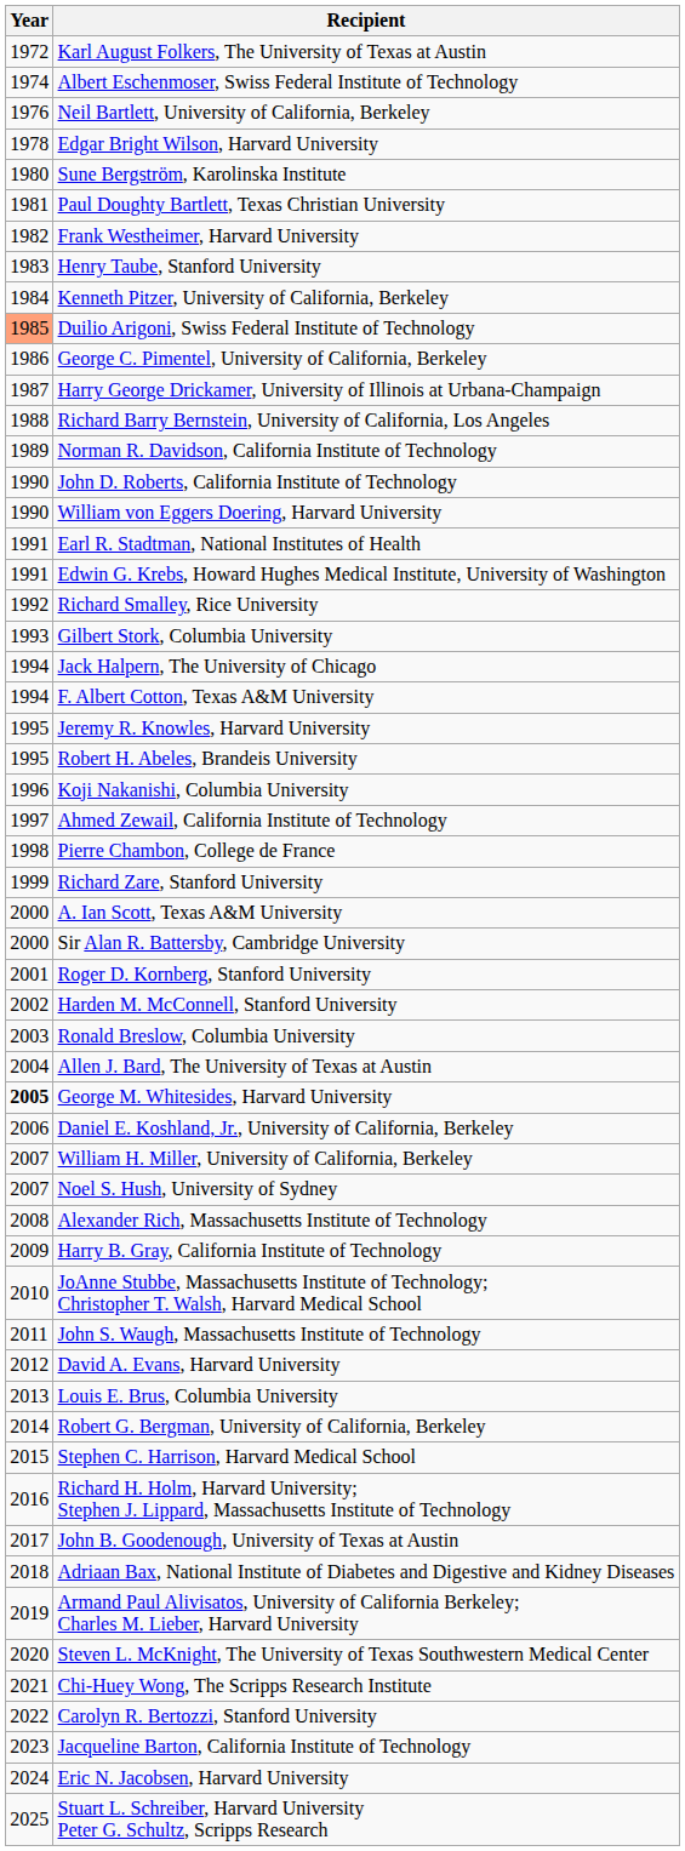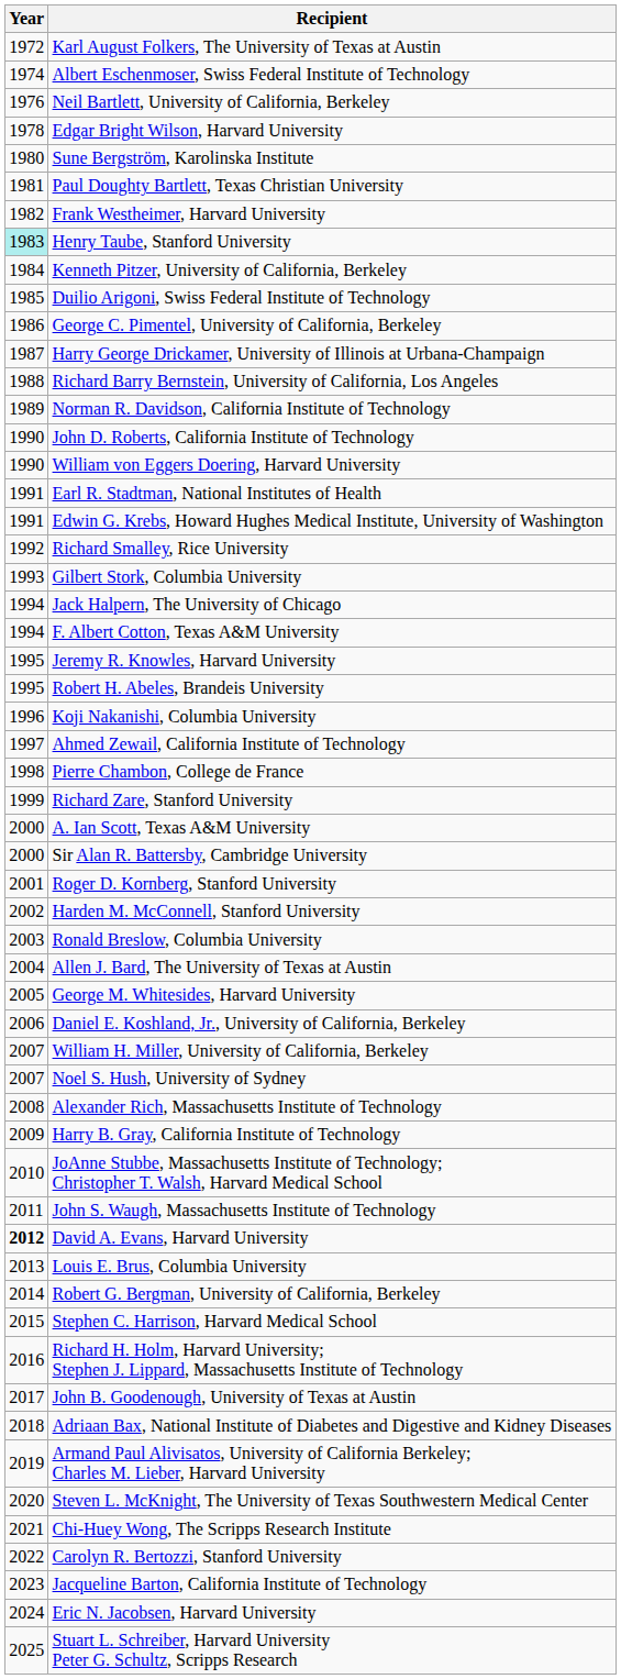 <table class="wikitable">
 <tr>
 <th>Year</th>
 <th>Recipient</th>
 </tr>
 <tr>
 <td>1972</td>
 <td><a href='#'>Karl August Folkers</a>, The University of Texas at Austin</td>
 </tr>
 <tr>
 <td>1974</td>
 <td><a href='#'>Albert Eschenmoser</a>, Swiss Federal Institute of Technology</td>
 </tr>
 <tr>
 <td>1976</td>
 <td><a href='#'>Neil Bartlett</a>, University of California, Berkeley</td>
 </tr>
 <tr>
 <td>1978</td>
 <td><a href='#'>Edgar Bright Wilson</a>, Harvard University</td>
 </tr>
 <tr>
 <td>1980</td>
 <td><a href='#'>Sune Bergström</a>, Karolinska Institute</td>
 </tr>
 <tr>
 <td>1981</td>
 <td><a href='#'>Paul Doughty Bartlett</a>, Texas Christian University</td>
 </tr>
 <tr>
 <td>1982</td>
 <td><a href='#'>Frank Westheimer</a>, Harvard University</td>
 </tr>
 <tr>
-<td>1983</td>
+<td style="background: paleturquoise;">1983</td>
 <td><a href='#'>Henry Taube</a>, Stanford University</td>
 </tr>
 <tr>
 <td>1984</td>
 <td><a href='#'>Kenneth Pitzer</a>, University of California, Berkeley</td>
 </tr>
 <tr>
-<td style="background: lightsalmon;">1985</td>
+<td>1985</td>
 <td><a href='#'>Duilio Arigoni</a>, Swiss Federal Institute of Technology</td>
 </tr>
 <tr>
 <td>1986</td>
 <td><a href='#'>George C. Pimentel</a>, University of California, Berkeley</td>
 </tr>
 <tr>
 <td>1987</td>
 <td><a href='#'>Harry George Drickamer</a>, University of Illinois at Urbana-Champaign</td>
 </tr>
 <tr>
 <td>1988</td>
 <td><a href='#'>Richard Barry Bernstein</a>, University of California, Los Angeles</td>
 </tr>
 <tr>
 <td>1989</td>
 <td><a href='#'>Norman R. Davidson</a>, California Institute of Technology</td>
 </tr>
 <tr>
 <td>1990</td>
 <td><a href='#'>John D. Roberts</a>, California Institute of Technology</td>
 </tr>
 <tr>
 <td>1990</td>
 <td><a href='#'>William von Eggers Doering</a>, Harvard University</td>
 </tr>
 <tr>
 <td>1991</td>
 <td><a href='#'>Earl R. Stadtman</a>, National Institutes of Health</td>
 </tr>
 <tr>
 <td>1991</td>
 <td><a href='#'>Edwin G. Krebs</a>, Howard Hughes Medical Institute, University of Washington</td>
 </tr>
 <tr>
 <td>1992</td>
 <td><a href='#'>Richard Smalley</a>, Rice University</td>
 </tr>
 <tr>
 <td>1993</td>
 <td><a href='#'>Gilbert Stork</a>, Columbia University</td>
 </tr>
 <tr>
 <td>1994</td>
 <td><a href='#'>Jack Halpern</a>, The University of Chicago</td>
 </tr>
 <tr>
 <td>1994</td>
 <td><a href='#'>F. Albert Cotton</a>, Texas A&M University</td>
 </tr>
 <tr>
 <td>1995</td>
 <td><a href='#'>Jeremy R. Knowles</a>, Harvard University</td>
 </tr>
 <tr>
 <td>1995</td>
 <td><a href='#'>Robert H. Abeles</a>, Brandeis University</td>
 </tr>
 <tr>
 <td>1996</td>
 <td><a href='#'>Koji Nakanishi</a>, Columbia University</td>
 </tr>
 <tr>
 <td>1997</td>
 <td><a href='#'>Ahmed Zewail</a>, California Institute of Technology</td>
 </tr>
 <tr>
 <td>1998</td>
 <td><a href='#'>Pierre Chambon</a>, College de France</td>
 </tr>
 <tr>
 <td>1999</td>
 <td><a href='#'>Richard Zare</a>, Stanford University</td>
 </tr>
 <tr>
 <td>2000</td>
 <td><a href='#'>A. Ian Scott</a>, Texas A&M University</td>
 </tr>
 <tr>
 <td>2000</td>
 <td>Sir <a href='#'>Alan R. Battersby</a>, Cambridge University</td>
 </tr>
 <tr>
 <td>2001</td>
 <td><a href='#'>Roger D. Kornberg</a>, Stanford University</td>
 </tr>
 <tr>
 <td>2002</td>
 <td><a href='#'>Harden M. McConnell</a>, Stanford University</td>
 </tr>
 <tr>
 <td>2003</td>
 <td><a href='#'>Ronald Breslow</a>, Columbia University</td>
 </tr>
 <tr>
 <td>2004</td>
 <td><a href='#'>Allen J. Bard</a>, The University of Texas at Austin</td>
 </tr>
 <tr>
-<td><strong>2005</strong></td>
+<td>2005</td>
 <td><a href='#'>George M. Whitesides</a>, Harvard University</td>
 </tr>
 <tr>
 <td>2006</td>
 <td><a href='#'>Daniel E. Koshland, Jr.</a>, University of California, Berkeley</td>
 </tr>
 <tr>
 <td>2007</td>
 <td><a href='#'>William H. Miller</a>, University of California, Berkeley</td>
 </tr>
 <tr>
 <td>2007</td>
 <td><a href='#'>Noel S. Hush</a>, University of Sydney</td>
 </tr>
 <tr>
 <td>2008</td>
 <td><a href='#'>Alexander Rich</a>, Massachusetts Institute of Technology</td>
 </tr>
 <tr>
 <td>2009</td>
 <td><a href='#'>Harry B. Gray</a>, California Institute of Technology</td>
 </tr>
 <tr>
 <td>2010</td>
 <td><a href='#'>JoAnne Stubbe</a>, Massachusetts Institute of Technology;<br><a href='#'>Christopher T. Walsh</a>, Harvard Medical School</td>
 </tr>
 <tr>
 <td>2011</td>
 <td><a href='#'>John S. Waugh</a>, Massachusetts Institute of Technology</td>
 </tr>
 <tr>
-<td>2012</td>
+<td><strong>2012</strong></td>
 <td><a href='#'>David A. Evans</a>, Harvard University</td>
 </tr>
 <tr>
 <td>2013</td>
 <td><a href='#'>Louis E. Brus</a>, Columbia University</td>
 </tr>
 <tr>
 <td>2014</td>
 <td><a href='#'>Robert G. Bergman</a>, University of California, Berkeley</td>
 </tr>
 <tr>
 <td>2015</td>
 <td><a href='#'>Stephen C. Harrison</a>, Harvard Medical School</td>
 </tr>
 <tr>
 <td>2016</td>
 <td><a href='#'>Richard H. Holm</a>, Harvard University;<br><a href='#'>Stephen J. Lippard</a>, Massachusetts Institute of Technology</td>
 </tr>
 <tr>
 <td>2017</td>
 <td><a href='#'>John B. Goodenough</a>, University of Texas at Austin</td>
 </tr>
 <tr>
 <td>2018</td>
 <td><a href='#'>Adriaan Bax</a>, National Institute of Diabetes and Digestive and Kidney Diseases</td>
 </tr>
 <tr>
 <td>2019</td>
 <td><a href='#'>Armand Paul Alivisatos</a>, University of California Berkeley;<br><a href='#'>Charles M. Lieber</a>, Harvard University</td>
 </tr>
 <tr>
 <td>2020</td>
 <td><a href='#'>Steven L. McKnight</a>, The University of Texas Southwestern Medical Center</td>
 </tr>
 <tr>
 <td>2021</td>
 <td><a href='#'>Chi-Huey Wong</a>, The Scripps Research Institute</td>
 </tr>
 <tr>
 <td>2022</td>
 <td><a href='#'>Carolyn R. Bertozzi</a>, Stanford University</td>
 </tr>
 <tr>
 <td>2023</td>
 <td><a href='#'>Jacqueline Barton</a>, California Institute of Technology</td>
 </tr>
 <tr>
 <td>2024</td>
 <td><a href='#'>Eric N. Jacobsen</a>, Harvard University</td>
 </tr>
 <tr>
 <td>2025</td>
 <td><a href='#'>Stuart L. Schreiber</a>, Harvard University<br><a href='#'>Peter G. Schultz</a>, Scripps Research</td>
 </tr>
 </table>
